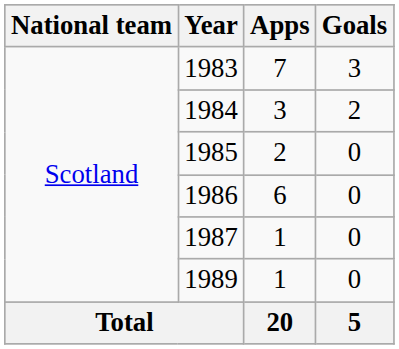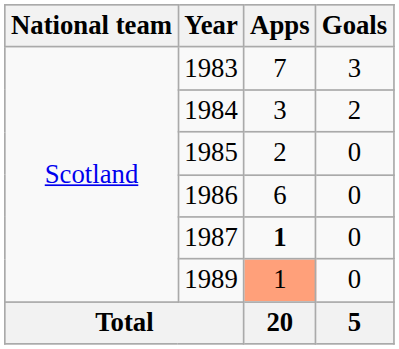 <table class="wikitable" style="text-align:center">
 <tr>
 <th>National team</th>
 <th>Year</th>
 <th>Apps</th>
 <th>Goals</th>
 </tr>
 <tr>
 <td rowspan="6"><a href='#'>Scotland</a></td>
 <td>1983</td>
 <td>7</td>
 <td>3</td>
 </tr>
 <tr>
 <td>1984</td>
 <td>3</td>
 <td>2</td>
 </tr>
 <tr>
 <td>1985</td>
 <td>2</td>
 <td>0</td>
 </tr>
 <tr>
 <td>1986</td>
 <td>6</td>
 <td>0</td>
 </tr>
 <tr>
 <td>1987</td>
-<td>1</td>
+<td><strong>1</strong></td>
 <td>0</td>
 </tr>
 <tr>
 <td>1989</td>
-<td>1</td>
+<td style="background: lightsalmon;">1</td>
 <td>0</td>
 </tr>
 <tr>
 <th colspan="2">Total</th>
 <th>20</th>
 <th>5</th>
 </tr>
 </table>
